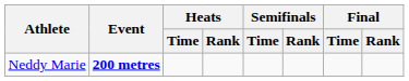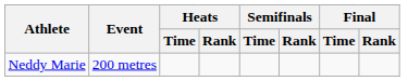 <table class=wikitable style="font-size:90%;">
 <tr>
 <th rowspan=2>Athlete</th>
 <th rowspan=2>Event</th>
 <th colspan=2>Heats</th>
 <th colspan=2>Semifinals</th>
 <th colspan=2>Final</th>
 </tr>
 <tr>
 <th>Time</th>
 <th>Rank</th>
 <th>Time</th>
 <th>Rank</th>
 <th>Time</th>
 <th>Rank</th>
 </tr>
 <tr>
 <td><a href='#'>Neddy Marie</a></td>
-<td><strong><a href='#'>200 metres</a></strong></td>
+<td><a href='#'>200 metres</a></td>
 <td align="center"></td>
 <td align="center"></td>
 <td align="center"></td>
 <td align="center"></td>
 <td align="center"></td>
 <td align="center"></td>
 </tr>
 </table>
